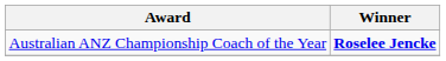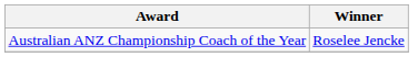 <table class="wikitable collapsible">
 <tr>
 <th>Award</th>
 <th>Winner</th>
 </tr>
 <tr>
 <td><a href='#'>Australian ANZ Championship Coach of the Year</a></td>
-<td><strong><a href='#'>Roselee Jencke</a></strong></td>
+<td><a href='#'>Roselee Jencke</a></td>
 </tr>
 <tr>
 </tr>
 </table>
